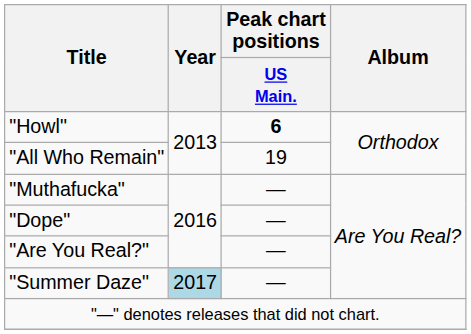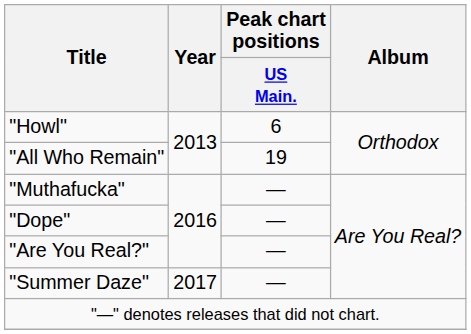 <table class="wikitable">
 <tr>
 <th rowspan="2">Title</th>
 <th rowspan="2">Year</th>
 <th>Peak chart<br>positions</th>
 <th rowspan="2">Album</th>
 </tr>
 <tr>
 <th><small><a href='#'>US</a></small><br><small><a href='#'>Main.</a></small><br></th>
 </tr>
 <tr>
 <td>"Howl"</td>
 <td rowspan="2" style="text-align:center;">2013</td>
-<td style="text-align:center;"><strong>6</strong></td>
+<td style="text-align:center;">6</td>
 <td rowspan="2" style="text-align:center;"><em>Orthodox</em></td>
 </tr>
 <tr>
 <td>"All Who Remain"</td>
 <td style="text-align:center;">19</td>
 </tr>
 <tr>
 <td>"Muthafucka"</td>
 <td rowspan="3">2016</td>
 <td style="text-align:center;">—</td>
 <td rowspan="4"><em>Are You Real?</em></td>
 </tr>
 <tr>
 <td>"Dope"</td>
 <td style="text-align:center;">—</td>
 </tr>
 <tr>
 <td>"Are You Real?"</td>
 <td style="text-align:center;">—</td>
 </tr>
 <tr>
 <td>"Summer Daze"</td>
-<td style="background: lightblue;">2017</td>
+<td>2017</td>
 <td style="text-align:center;">—</td>
 </tr>
 <tr>
 <td colspan="4" style="text-align:center;"><small>"—" denotes releases that did not chart.</small></td>
 </tr>
 <tr>
 </tr>
 </table>
